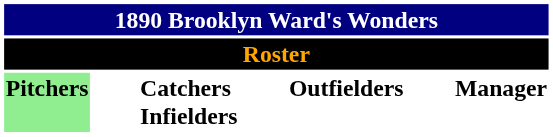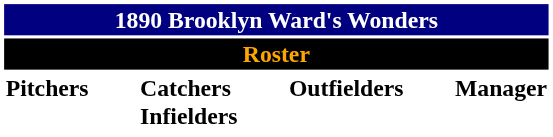 <table class="toccolours" style="font-size: 95%;">
 <tr>
 <th colspan="10" style="background-color: navy; color: white; text-align: center;">1890 Brooklyn Ward's Wonders</th>
 </tr>
 <tr>
 <td colspan="10" style="background-color: black; color: orange; text-align: center;"><strong>Roster</strong></td>
 </tr>
 <tr>
-<td valign="top" style="background: lightgreen;"><strong>Pitchers</strong><br>   </td>
+<td valign="top"><strong>Pitchers</strong><br>   </td>
 <td width="25px"></td>
 <td valign="top"><strong>Catchers</strong><br>   <strong>Infielders</strong>    </td>
 <td width="25px"></td>
 <td valign="top"><strong>Outfielders</strong><br>     </td>
 <td width="25px"></td>
 <td valign="top"><strong>Manager</strong><br></td>
 </tr>
 </table>
